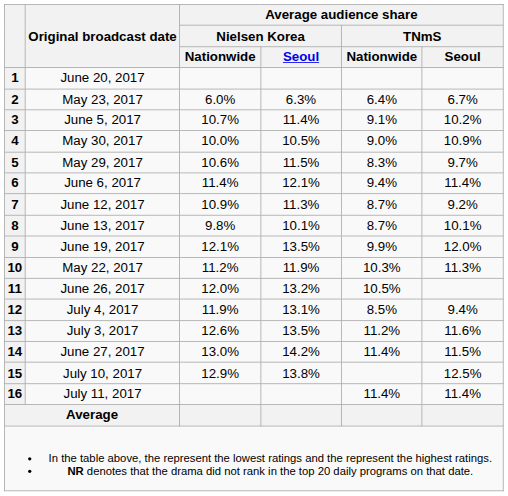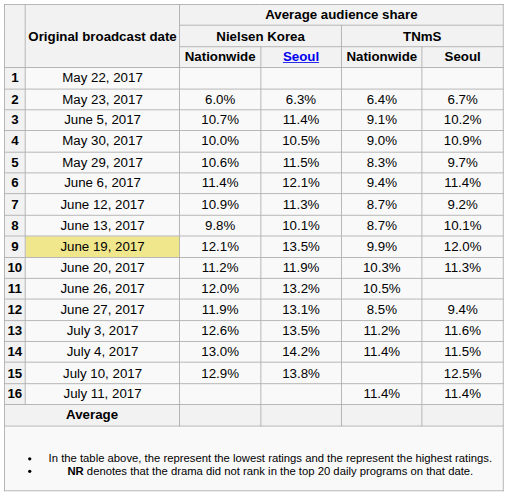 <table class="wikitable" style="text-align:center">
 <tr>
 <th rowspan="3"></th>
 <th rowspan="3">Original broadcast date</th>
 <th colspan="4">Average audience share</th>
 </tr>
 <tr>
 <th colspan="2">Nielsen Korea</th>
 <th colspan="2">TNmS</th>
 </tr>
 <tr>
 <th width="90">Nationwide</th>
 <th width="90"><a href='#'>Seoul</a></th>
 <th width="90">Nationwide</th>
 <th width="90">Seoul</th>
 </tr>
 <tr>
 <th>1</th>
-<td>June 20, 2017</td>
+<td>May 22, 2017</td>
 <td><strong></strong> </td>
 <td><strong></strong> </td>
 <td><strong></strong> </td>
 <td><strong></strong> </td>
 </tr>
 <tr>
 <th>2</th>
 <td>May 23, 2017</td>
 <td>6.0% </td>
 <td>6.3% </td>
 <td>6.4% </td>
 <td>6.7% </td>
 </tr>
 <tr>
 <th>3</th>
 <td>June 5, 2017</td>
 <td>10.7% </td>
 <td>11.4% </td>
 <td>9.1% </td>
 <td>10.2% </td>
 </tr>
 <tr>
 <th>4</th>
 <td>May 30, 2017</td>
 <td>10.0% </td>
 <td>10.5% </td>
 <td>9.0% </td>
 <td>10.9% </td>
 </tr>
 <tr>
 <th>5</th>
 <td>May 29, 2017</td>
 <td>10.6% </td>
 <td>11.5% </td>
 <td>8.3% </td>
 <td>9.7% </td>
 </tr>
 <tr>
 <th>6</th>
 <td>June 6, 2017</td>
 <td>11.4% </td>
 <td>12.1% </td>
 <td>9.4% </td>
 <td>11.4% </td>
 </tr>
 <tr>
 <th>7</th>
 <td>June 12, 2017</td>
 <td>10.9% </td>
 <td>11.3% </td>
 <td>8.7% </td>
 <td>9.2% </td>
 </tr>
 <tr>
 <th>8</th>
 <td>June 13, 2017</td>
 <td>9.8% </td>
 <td>10.1% </td>
 <td>8.7% </td>
 <td>10.1% </td>
 </tr>
 <tr>
 <th>9</th>
-<td>June 19, 2017</td>
+<td style="background: khaki;">June 19, 2017</td>
 <td>12.1% </td>
 <td>13.5% </td>
 <td>9.9% </td>
 <td>12.0% </td>
 </tr>
 <tr>
 <th>10</th>
-<td>May 22, 2017</td>
+<td>June 20, 2017</td>
 <td>11.2% </td>
 <td>11.9% </td>
 <td>10.3% </td>
 <td>11.3% </td>
 </tr>
 <tr>
 <th>11</th>
 <td>June 26, 2017</td>
 <td>12.0% </td>
 <td>13.2% </td>
 <td>10.5% </td>
 <td><strong></strong> </td>
 </tr>
 <tr>
 <th>12</th>
-<td>July 4, 2017</td>
+<td>June 27, 2017</td>
 <td>11.9% </td>
 <td>13.1% </td>
 <td>8.5% </td>
 <td>9.4% </td>
 </tr>
 <tr>
 <th>13</th>
 <td>July 3, 2017</td>
 <td>12.6% </td>
 <td>13.5% </td>
 <td>11.2% </td>
 <td>11.6% </td>
 </tr>
 <tr>
 <th>14</th>
-<td>June 27, 2017</td>
+<td>July 4, 2017</td>
 <td>13.0% </td>
 <td>14.2% </td>
 <td>11.4% </td>
 <td>11.5% </td>
 </tr>
 <tr>
 <th>15</th>
 <td>July 10, 2017</td>
 <td>12.9% </td>
 <td>13.8% </td>
 <td><strong></strong> </td>
 <td>12.5% </td>
 </tr>
 <tr>
 <th>16</th>
 <td>July 11, 2017</td>
 <td><strong></strong> </td>
 <td><strong></strong> </td>
 <td>11.4% </td>
 <td>11.4% </td>
 </tr>
 <tr>
 <th colspan="2">Average</th>
 <th></th>
 <th></th>
 <th></th>
 <th></th>
 </tr>
 <tr>
 <td colspan="6" style="font-size:85%"><br><ul><li>In the table above, the <strong></strong> represent the lowest ratings and the <strong></strong> represent the highest ratings.</li><li><strong>NR</strong> denotes that the drama did not rank in the top 20 daily programs on that date.</li></ul></td>
 </tr>
 </table>
